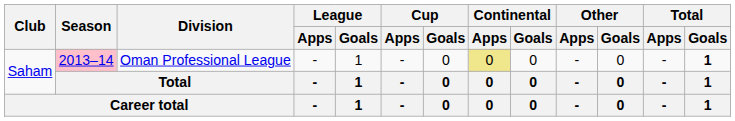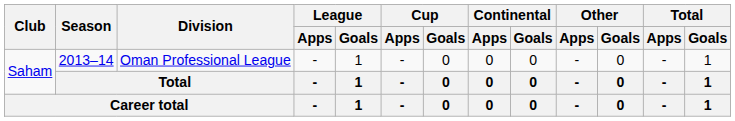 <table class="wikitable" style="text-align: center;">
 <tr>
 <th rowspan="2">Club</th>
 <th rowspan="2">Season</th>
 <th rowspan="2">Division</th>
 <th colspan="2">League</th>
 <th colspan="2">Cup</th>
 <th colspan="2">Continental</th>
 <th colspan="2">Other</th>
 <th colspan="2">Total</th>
 </tr>
 <tr>
 <th>Apps</th>
 <th>Goals</th>
 <th>Apps</th>
 <th>Goals</th>
 <th>Apps</th>
 <th>Goals</th>
 <th>Apps</th>
 <th>Goals</th>
 <th>Apps</th>
 <th>Goals</th>
 </tr>
 <tr>
 <td rowspan="2"><a href='#'>Saham</a></td>
-<td style="background: pink;"><a href='#'>2013–14</a></td>
+<td><a href='#'>2013–14</a></td>
 <td rowspan="1"><a href='#'>Oman Professional League</a></td>
 <td>-</td>
 <td>1</td>
 <td>-</td>
 <td>0</td>
-<td style="background: khaki;">0</td>
+<td>0</td>
 <td>0</td>
 <td>-</td>
 <td>0</td>
 <td>-</td>
-<td><strong>1</strong></td>
+<td>1</td>
 </tr>
 <tr>
 <th colspan="2">Total</th>
 <th>-</th>
 <th>1</th>
 <th>-</th>
 <th>0</th>
 <th>0</th>
 <th>0</th>
 <th>-</th>
 <th>0</th>
 <th>-</th>
 <th>1</th>
 </tr>
 <tr>
 <th colspan="3">Career total</th>
 <th>-</th>
 <th>1</th>
 <th>-</th>
 <th>0</th>
 <th>0</th>
 <th>0</th>
 <th>-</th>
 <th>0</th>
 <th>-</th>
 <th>1</th>
 </tr>
 </table>
